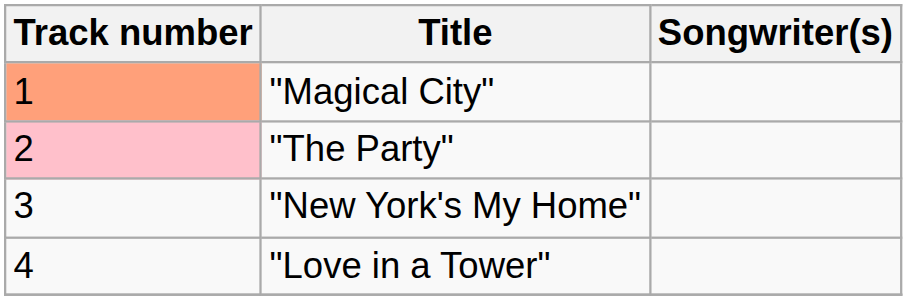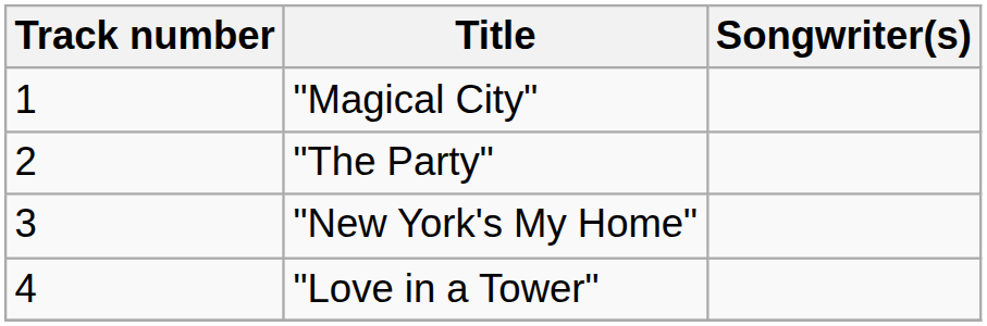 <table class="wikitable">
 <tr>
 <th>Track number</th>
 <th>Title</th>
 <th>Songwriter(s)</th>
 </tr>
 <tr>
-<td style="background: lightsalmon;">1</td>
+<td>1</td>
 <td>"Magical City"</td>
 <td></td>
 </tr>
 <tr>
-<td style="background: pink;">2</td>
+<td>2</td>
 <td>"The Party"</td>
 <td></td>
 </tr>
 <tr>
 <td>3</td>
 <td>"New York's My Home"</td>
 <td></td>
 </tr>
 <tr>
 <td>4</td>
 <td>"Love in a Tower"</td>
 <td></td>
 </tr>
 <tr>
 </tr>
 </table>
